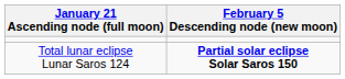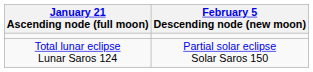 <table class="wikitable">
 <tr>
 <th><a href='#'>January 21</a><br>Ascending node (full moon)<br></th>
 <th><a href='#'>February 5</a><br>Descending node (new moon)<br></th>
 </tr>
 <tr>
 <td></td>
 <td></td>
 </tr>
 <tr align=center>
 <td><a href='#'>Total lunar eclipse</a><br>Lunar Saros 124</td>
-<td><strong><a href='#'>Partial solar eclipse</a><br>Solar Saros 150</strong></td>
+<td><a href='#'>Partial solar eclipse</a><br>Solar Saros 150</td>
 </tr>
 </table>
